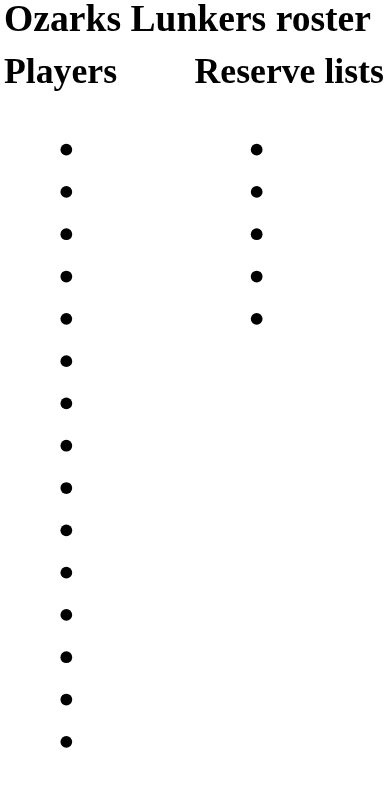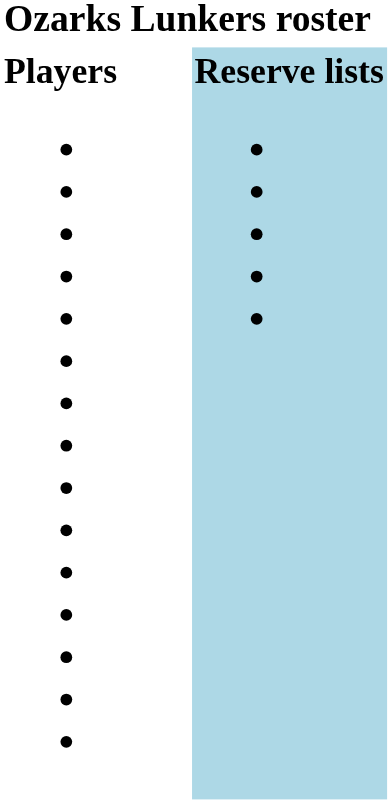 <table class="toccolours" style="text-align: left;">
 <tr>
 <th colspan="7">Ozarks Lunkers roster</th>
 </tr>
 <tr>
 <td style="font-size: 95%;vertical-align:top;"><strong>Players</strong><br><ul><li></li><li></li><li></li><li></li><li></li><li></li><li></li><li></li><li></li><li></li><li></li><li></li><li></li><li></li><li></li></ul></td>
 <td style="width: 25px;"></td>
-<td style="font-size: 95%;vertical-align:top;"><strong>Reserve lists</strong><br><ul><li></li><li></li><li></li><li></li><li></li></ul></td>
+<td style="background: lightblue; font-size: 95%;vertical-align:top;"><strong>Reserve lists</strong><br><ul><li></li><li></li><li></li><li></li><li></li></ul></td>
 </tr>
 <tr>
 </tr>
 </table>
